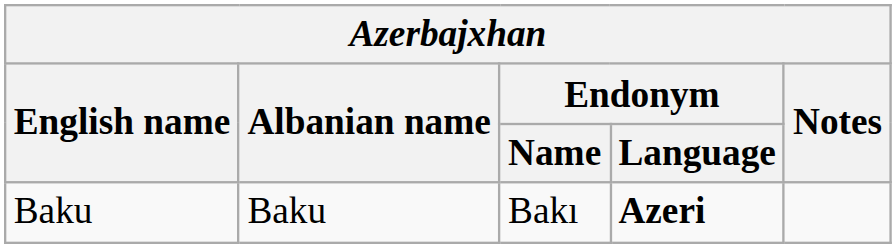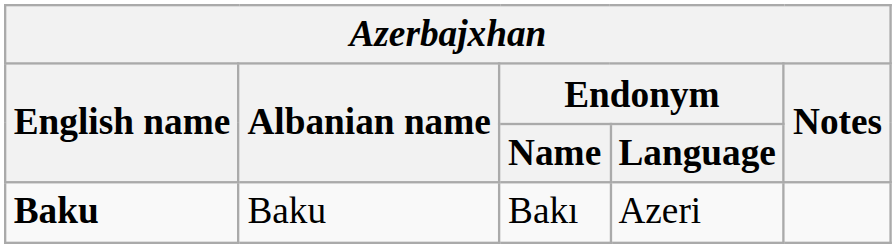 <table class="wikitable sortable">
 <tr>
 <th colspan="5"> <em>Azerbajxhan</em></th>
 </tr>
 <tr>
 <th rowspan="2">English name</th>
 <th rowspan="2">Albanian name</th>
 <th colspan="2">Endonym</th>
 <th rowspan="2">Notes</th>
 </tr>
 <tr>
 <th>Name</th>
 <th>Language</th>
 </tr>
 <tr>
-<td>Baku</td>
+<td><strong>Baku</strong></td>
 <td>Baku</td>
 <td>Bakı</td>
-<td><strong>Azeri</strong></td>
+<td>Azeri</td>
 <td></td>
 </tr>
 </table>
